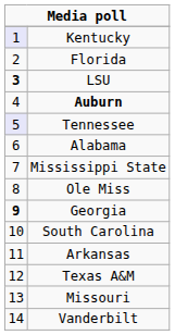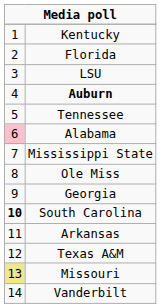 <table class="wikitable">
 <tr align="center">
 <td align="center" Colspan="3"><strong>Media poll</strong></td>
 </tr>
 <tr align="center">
 </tr>
 <tr align="center">
-<td style="background: lavender;">1</td>
+<td>1</td>
 <td>Kentucky</td>
 </tr>
 <tr align="center">
 <td>2</td>
 <td>Florida</td>
 </tr>
 <tr align="center">
-<td><strong>3</strong></td>
+<td>3</td>
 <td>LSU</td>
 </tr>
 <tr align="center">
 <td>4</td>
 <td><strong>Auburn</strong></td>
 </tr>
 <tr align="center">
-<td style="background: lavender;">5</td>
+<td>5</td>
 <td>Tennessee</td>
 </tr>
 <tr align="center">
-<td>6</td>
+<td style="background: pink;">6</td>
 <td>Alabama</td>
 </tr>
 <tr align="center">
 <td>7</td>
 <td>Mississippi State</td>
 </tr>
 <tr align="center">
 <td>8</td>
 <td>Ole Miss</td>
 </tr>
 <tr align="center">
-<td><strong>9</strong></td>
+<td>9</td>
 <td>Georgia</td>
 </tr>
 <tr align="center">
-<td>10</td>
+<td><strong>10</strong></td>
 <td>South Carolina</td>
 </tr>
 <tr align="center">
 <td>11</td>
 <td>Arkansas</td>
 </tr>
 <tr align="center">
 <td>12</td>
 <td>Texas A&M</td>
 </tr>
 <tr align="center">
-<td>13</td>
+<td style="background: khaki;">13</td>
 <td>Missouri</td>
 </tr>
 <tr align="center">
 <td>14</td>
 <td>Vanderbilt</td>
 </tr>
 </table>
